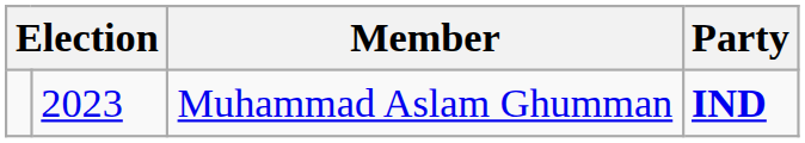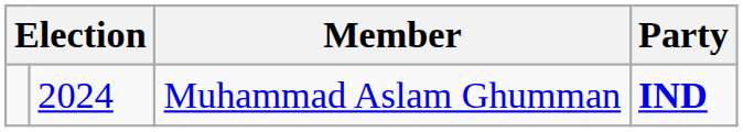 <table class="wikitable">
 <tr>
 <th colspan="2">Election</th>
 <th>Member</th>
 <th>Party</th>
 </tr>
 <tr>
 <td style="background-color: "></td>
-<td><a href='#'>2023</a></td>
+<td><a href='#'>2024</a></td>
 <td><a href='#'>Muhammad Aslam Ghumman</a></td>
 <td><strong><a href='#'>IND</a></strong></td>
 </tr>
 </table>
